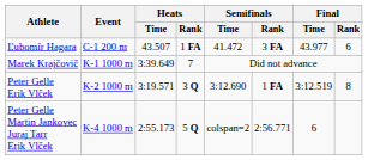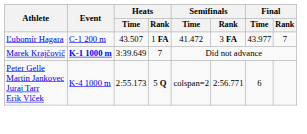 <table class="wikitable" style="font-size:90%">
 <tr>
 <th rowspan="2">Athlete</th>
 <th rowspan="2">Event</th>
 <th colspan=2>Heats</th>
 <th colspan=2>Semifinals</th>
 <th colspan=2>Final</th>
 </tr>
 <tr style="font-size:95%">
 <th>Time</th>
 <th>Rank</th>
 <th>Time</th>
 <th>Rank</th>
 <th>Time</th>
 <th>Rank</th>
 </tr>
 <tr align=center>
 <td align=left><a href='#'>Ľubomír Hagara</a></td>
 <td align=left><a href='#'>C-1 200 m</a></td>
 <td>43.507</td>
 <td>1 <strong>FA</strong></td>
 <td>41.472</td>
 <td>3 <strong>FA</strong></td>
 <td>43.977</td>
-<td>6</td>
+<td>7</td>
 </tr>
 <tr align=center>
 <td align=left><a href='#'>Marek Krajčovič</a></td>
-<td align=left><a href='#'>K-1 1000 m</a></td>
+<td align=left><strong><a href='#'>K-1 1000 m</a></strong></td>
 <td>3:39.649</td>
 <td>7</td>
 <td colspan=4>Did not advance</td>
-</tr>
-<tr align=center>
-<td align=left><a href='#'>Peter Gelle</a><br><a href='#'>Erik Vlček</a></td>
-<td align=left><a href='#'>K-2 1000 m</a></td>
-<td>3:19.571</td>
-<td>3 <strong>Q</strong></td>
-<td>3:12.690</td>
-<td>1 <strong>FA</strong></td>
-<td>3:12.519</td>
-<td>8</td>
 </tr>
 <tr align=center>
 <td align=left><a href='#'>Peter Gelle</a><br><a href='#'>Martin Jankovec</a><br><a href='#'>Juraj Tarr</a><br><a href='#'>Erik Vlček</a></td>
 <td align=left><a href='#'>K-4 1000 m</a></td>
 <td>2:55.173</td>
 <td>5 <strong>Q</strong></td>
 <td>colspan=2 </td>
 <td>2:56.771</td>
 <td>6</td>
 </tr>
 </table>
